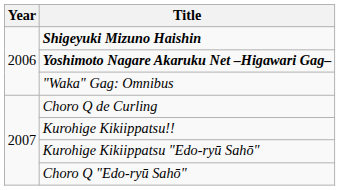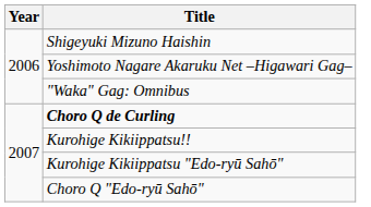 <table class="wikitable">
 <tr>
 <th>Year</th>
 <th>Title</th>
 </tr>
 <tr>
 <td rowspan="3">2006</td>
-<td><strong><em>Shigeyuki Mizuno Haishin</em></strong></td>
+<td><em>Shigeyuki Mizuno Haishin</em></td>
 </tr>
 <tr>
-<td><strong><em>Yoshimoto Nagare Akaruku Net –Higawari Gag–</em></strong></td>
+<td><em>Yoshimoto Nagare Akaruku Net –Higawari Gag–</em></td>
 </tr>
 <tr>
 <td><em>"Waka" Gag: Omnibus</em></td>
 </tr>
 <tr>
 <td rowspan="4">2007</td>
-<td><em>Choro Q de Curling</em></td>
+<td><strong><em>Choro Q de Curling</em></strong></td>
 </tr>
 <tr>
 <td><em>Kurohige Kikiippatsu!!</em></td>
 </tr>
 <tr>
 <td><em>Kurohige Kikiippatsu "Edo-ryū Sahō"</em></td>
 </tr>
 <tr>
 <td><em>Choro Q "Edo-ryū Sahō"</em></td>
 </tr>
 </table>
